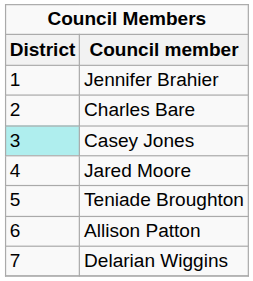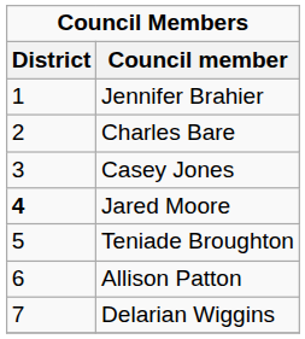 <table class="wikitable" style="float:right; margin-left:3px; text-size:80%; text-align:left">
 <tr>
 <td colspan="2" style="text-align:center;"><strong>Council Members</strong></td>
 </tr>
 <tr>
 <th>District</th>
 <th>Council member</th>
 </tr>
 <tr>
 <td>1</td>
 <td>Jennifer Brahier</td>
 </tr>
 <tr>
 <td>2</td>
 <td>Charles Bare</td>
 </tr>
 <tr>
-<td style="background: paleturquoise;">3</td>
+<td>3</td>
 <td>Casey Jones</td>
 </tr>
 <tr>
-<td>4</td>
+<td><strong>4</strong></td>
 <td>Jared Moore</td>
 </tr>
 <tr>
 <td>5</td>
 <td>Teniade Broughton</td>
 </tr>
 <tr>
 <td>6</td>
 <td>Allison Patton</td>
 </tr>
 <tr>
 <td>7</td>
 <td>Delarian Wiggins</td>
 </tr>
 <tr>
 </tr>
 </table>
